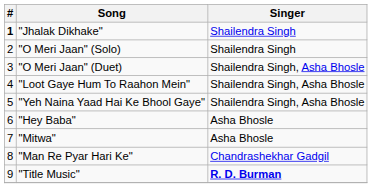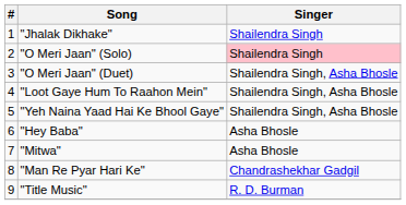 <table class="wikitable" style="font-size:95%;">
 <tr>
 <th>#</th>
 <th>Song</th>
 <th>Singer</th>
 </tr>
 <tr>
-<td><strong>1</strong></td>
+<td>1</td>
 <td>"Jhalak Dikhake"</td>
 <td><a href='#'>Shailendra Singh</a></td>
 </tr>
 <tr>
 <td>2</td>
 <td>"O Meri Jaan" (Solo)</td>
-<td>Shailendra Singh</td>
+<td style="background: pink;">Shailendra Singh</td>
 </tr>
 <tr>
 <td>3</td>
 <td>"O Meri Jaan" (Duet)</td>
 <td>Shailendra Singh, <a href='#'>Asha Bhosle</a></td>
 </tr>
 <tr>
 <td>4</td>
 <td>"Loot Gaye Hum To Raahon Mein"</td>
 <td>Shailendra Singh, Asha Bhosle</td>
 </tr>
 <tr>
 <td>5</td>
 <td>"Yeh Naina Yaad Hai Ke Bhool Gaye"</td>
 <td>Shailendra Singh, Asha Bhosle</td>
 </tr>
 <tr>
 <td>6</td>
 <td>"Hey Baba"</td>
 <td>Asha Bhosle</td>
 </tr>
 <tr>
 <td>7</td>
 <td>"Mitwa"</td>
 <td>Asha Bhosle</td>
 </tr>
 <tr>
 <td>8</td>
 <td>"Man Re Pyar Hari Ke"</td>
 <td><a href='#'>Chandrashekhar Gadgil</a></td>
 </tr>
 <tr>
 <td>9</td>
 <td>"Title Music"</td>
-<td><strong><a href='#'>R. D. Burman</a></strong></td>
+<td><a href='#'>R. D. Burman</a></td>
 </tr>
 <tr>
 </tr>
 </table>
